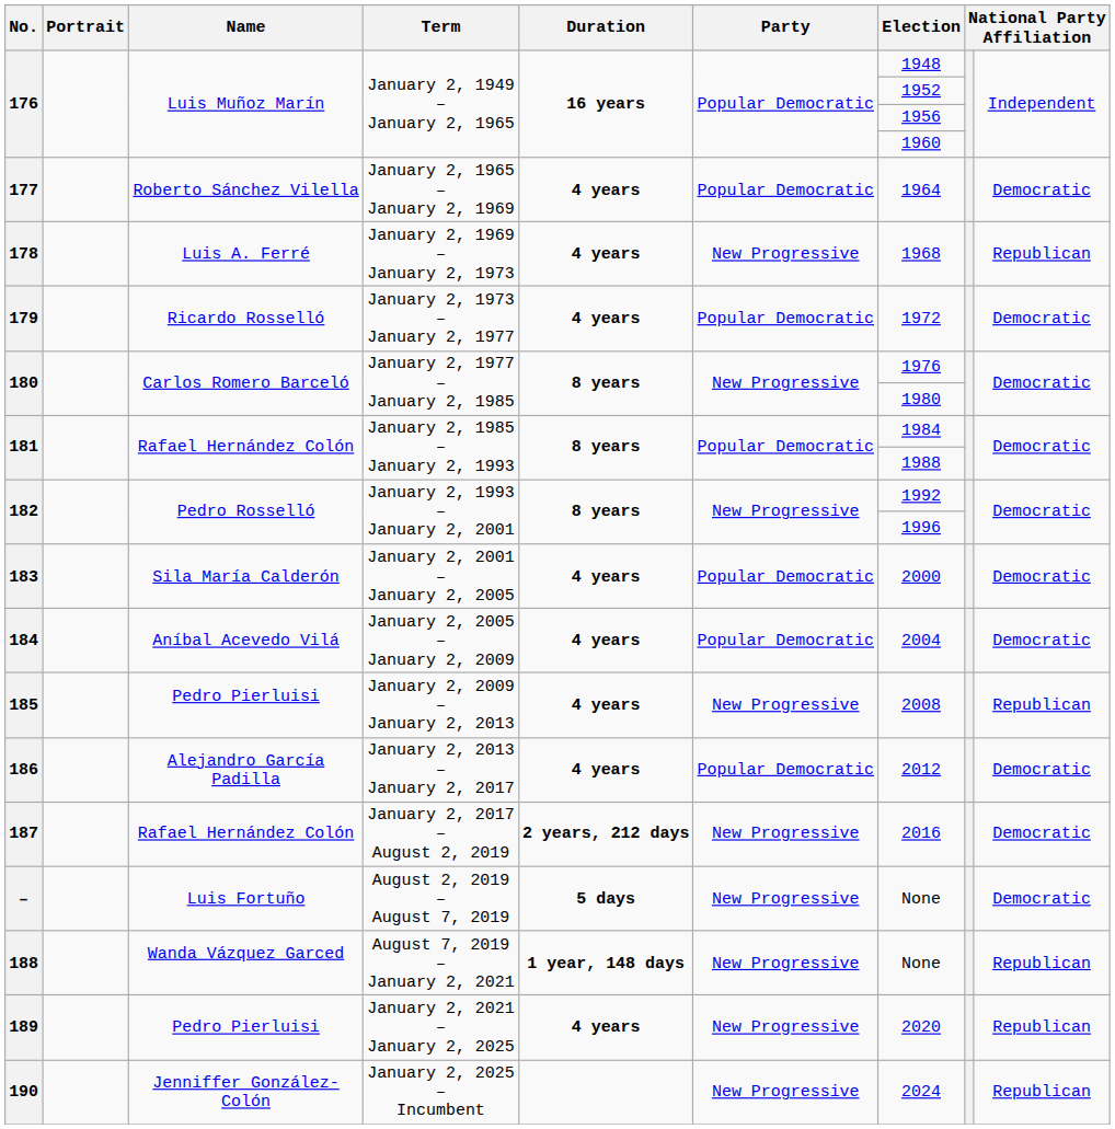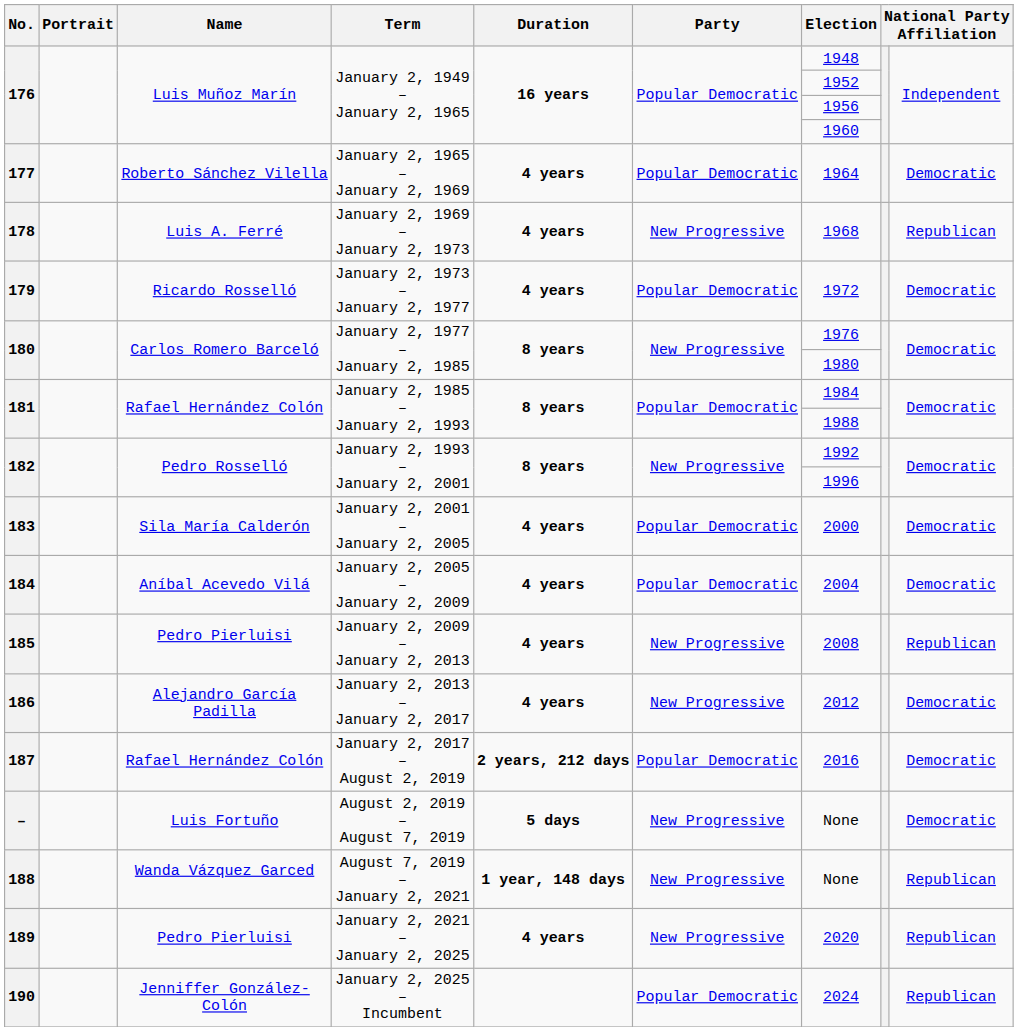 <table class="wikitable sortable sticky-header-multi" style="text-align:center">
 <tr ->
 <th>No.</th>
 <th>Portrait</th>
 <th width=180>Name<br></th>
 <th>Term</th>
 <th>Duration</th>
 <th>Party</th>
 <th>Election</th>
 <th colspan=2>National Party<br>Affiliation</th>
 </tr>
 <tr ->
 <th rowspan="4" style="background-color:">176</th>
 <td rowspan="4"></td>
 <td rowspan="4"><a href='#'>Luis Muñoz Marín</a><br></td>
 <td rowspan="4">January 2, 1949<br>–<br>January 2, 1965<br></td>
 <td rowspan="4"><strong>16 years</strong></td>
 <td rowspan="4"><a href='#'>Popular Democratic</a></td>
 <td><a href='#'>1948</a></td>
 <th rowspan="4" style="background-color:"></th>
 <td rowspan="4"><a href='#'>Independent</a></td>
 </tr>
 <tr>
 <td><a href='#'>1952</a></td>
 </tr>
 <tr>
 <td><a href='#'>1956</a></td>
 </tr>
 <tr>
 <td><a href='#'>1960</a></td>
 </tr>
 <tr ->
 <th style="background-color:">177</th>
 <td></td>
 <td><a href='#'>Roberto Sánchez Vilella</a><br></td>
 <td>January 2, 1965<br>–<br>January 2, 1969<br></td>
 <td><strong>4 years</strong></td>
 <td><a href='#'>Popular Democratic</a></td>
 <td><a href='#'>1964</a></td>
 <th style="background-color:"></th>
 <td><a href='#'>Democratic</a></td>
 </tr>
 <tr ->
 <th style="background-color:">178</th>
 <td></td>
 <td><a href='#'>Luis A. Ferré</a><br></td>
 <td>January 2, 1969<br>–<br>January 2, 1973<br></td>
 <td><strong>4 years</strong></td>
 <td><a href='#'>New Progressive</a></td>
 <td><a href='#'>1968</a></td>
 <th style="background-color:"></th>
 <td><a href='#'>Republican</a></td>
 </tr>
 <tr ->
 <th style="background-color:">179</th>
 <td></td>
 <td><a href='#'>Ricardo Rosselló</a><br></td>
 <td>January 2, 1973<br>–<br>January 2, 1977<br></td>
 <td><strong>4 years</strong></td>
 <td><a href='#'>Popular Democratic</a></td>
 <td><a href='#'>1972</a></td>
 <th style="background-color:"></th>
 <td><a href='#'>Democratic</a></td>
 </tr>
 <tr ->
 <th rowspan="2" style="background-color:">180</th>
 <td rowspan="2"></td>
 <td rowspan="2"><a href='#'>Carlos Romero Barceló</a><br></td>
 <td rowspan="2">January 2, 1977<br>–<br>January 2, 1985<br></td>
 <td rowspan="2"><strong>8 years</strong></td>
 <td rowspan="2"><a href='#'>New Progressive</a></td>
 <td><a href='#'>1976</a></td>
 <th rowspan="2" style="background-color:"></th>
 <td rowspan="2"><a href='#'>Democratic</a></td>
 </tr>
 <tr>
 <td><a href='#'>1980</a></td>
 </tr>
 <tr ->
 <th rowspan="2" style="background-color:">181</th>
 <td rowspan="2"></td>
 <td rowspan="2"><a href='#'>Rafael Hernández Colón</a><br></td>
 <td rowspan="2">January 2, 1985<br>–<br>January 2, 1993<br></td>
 <td rowspan="2"><strong>8 years</strong></td>
 <td rowspan="2"><a href='#'>Popular Democratic</a></td>
 <td><a href='#'>1984</a></td>
 <th rowspan="2" style="background-color:"></th>
 <td rowspan="2"><a href='#'>Democratic</a></td>
 </tr>
 <tr>
 <td><a href='#'>1988</a></td>
 </tr>
 <tr ->
 <th rowspan="2" style="background-color:">182</th>
 <td rowspan="2"></td>
 <td rowspan="2"><a href='#'>Pedro Rosselló</a><br></td>
 <td rowspan="2">January 2, 1993<br>–<br>January 2, 2001<br></td>
 <td rowspan="2"><strong>8 years</strong></td>
 <td rowspan="2"><a href='#'>New Progressive</a></td>
 <td><a href='#'>1992</a></td>
 <th rowspan="2" style="background-color:"></th>
 <td rowspan="2"><a href='#'>Democratic</a></td>
 </tr>
 <tr>
 <td><a href='#'>1996</a></td>
 </tr>
 <tr ->
 <th style="background-color:">183</th>
 <td></td>
 <td><a href='#'>Sila María Calderón</a><br></td>
 <td>January 2, 2001<br>–<br>January 2, 2005<br></td>
 <td><strong>4 years</strong></td>
 <td><a href='#'>Popular Democratic</a></td>
 <td><a href='#'>2000</a></td>
 <th style="background-color:"></th>
 <td><a href='#'>Democratic</a></td>
 </tr>
 <tr ->
 <th style="background-color:">184</th>
 <td></td>
 <td><a href='#'>Aníbal Acevedo Vilá</a><br></td>
 <td>January 2, 2005<br>–<br>January 2, 2009<br></td>
 <td><strong>4 years</strong></td>
 <td><a href='#'>Popular Democratic</a></td>
 <td><a href='#'>2004</a></td>
 <th style="background-color:"></th>
 <td><a href='#'>Democratic</a></td>
 </tr>
 <tr ->
 <th style="background-color:">185</th>
 <td></td>
 <td><a href='#'>Pedro Pierluisi</a><br><br></td>
 <td>January 2, 2009<br>–<br>January 2, 2013<br></td>
 <td><strong>4 years</strong></td>
 <td><a href='#'>New Progressive</a></td>
 <td><a href='#'>2008</a></td>
 <th style="background-color:"></th>
 <td><a href='#'>Republican</a></td>
 </tr>
 <tr ->
 <th style="background-color:">186</th>
 <td></td>
 <td><a href='#'>Alejandro García Padilla</a><br></td>
 <td>January 2, 2013<br>–<br>January 2, 2017<br></td>
 <td><strong>4 years</strong></td>
-<td><a href='#'>Popular Democratic</a></td>
+<td><a href='#'>New Progressive</a></td>
 <td><a href='#'>2012</a></td>
 <th style="background-color:"></th>
 <td><a href='#'>Democratic</a></td>
 </tr>
 <tr ->
 <th style="background-color:">187</th>
 <td></td>
 <td><a href='#'>Rafael Hernández Colón</a><br></td>
 <td>January 2, 2017<br>–<br>August 2, 2019<br></td>
 <td><strong>2 years, 212 days</strong></td>
-<td><a href='#'>New Progressive</a></td>
+<td><a href='#'>Popular Democratic</a></td>
 <td><a href='#'>2016</a></td>
 <th style="background-color:"></th>
 <td><a href='#'>Democratic</a></td>
 </tr>
 <tr ->
 <th style="background-color:">–</th>
 <td></td>
 <td><a href='#'>Luis Fortuño</a><br></td>
 <td>August 2, 2019<br>–<br>August 7, 2019<br></td>
 <td><strong>5 days</strong></td>
 <td><a href='#'>New Progressive</a></td>
 <td>None</td>
 <th style="background-color:"></th>
 <td><a href='#'>Democratic</a></td>
 </tr>
 <tr ->
 <th style="background-color:">188</th>
 <td></td>
 <td><a href='#'>Wanda Vázquez Garced</a><br><br></td>
 <td>August 7, 2019<br>–<br>January 2, 2021<br></td>
 <td><strong>1 year, 148 days</strong></td>
 <td><a href='#'>New Progressive</a></td>
 <td>None</td>
 <th style="background-color:"></th>
 <td><a href='#'>Republican</a></td>
 </tr>
 <tr ->
 <th style="background-color:">189</th>
 <td></td>
 <td><a href='#'>Pedro Pierluisi</a><br></td>
 <td>January 2, 2021<br>–<br>January 2, 2025<br></td>
 <td><strong>4 years</strong></td>
 <td><a href='#'>New Progressive</a></td>
 <td><a href='#'>2020</a></td>
 <th style="background-color:"></th>
 <td><a href='#'>Republican</a></td>
 </tr>
 <tr>
 <th style="background-color:">190</th>
 <td></td>
 <td><a href='#'>Jenniffer González-Colón</a><br></td>
 <td>January 2, 2025<br>–<br>Incumbent</td>
 <td><strong></strong></td>
-<td><a href='#'>New Progressive</a></td>
+<td><a href='#'>Popular Democratic</a></td>
 <td><a href='#'>2024</a></td>
 <th style="background-color:"></th>
 <td><a href='#'>Republican</a></td>
 </tr>
 </table>
